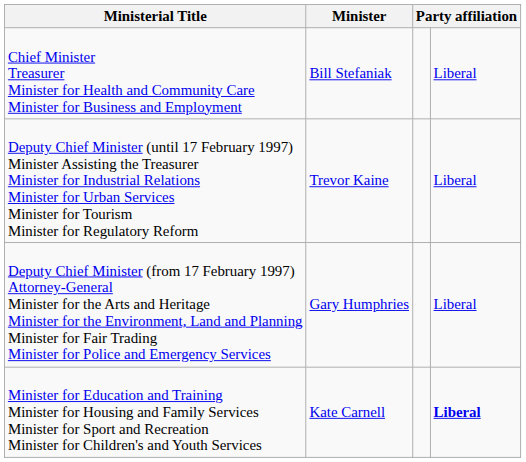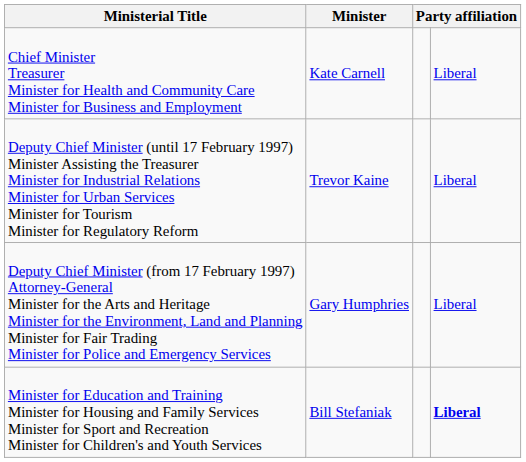 <table class="wikitable">
 <tr>
 <th>Ministerial Title</th>
 <th>Minister</th>
 <th colspan=2>Party affiliation</th>
 </tr>
 <tr>
 <td><br><a href='#'>Chief Minister</a><br> <a href='#'>Treasurer</a><br> <a href='#'>Minister for Health and Community Care</a><br> <a href='#'>Minister for Business and Employment</a></td>
-<td><a href='#'>Bill Stefaniak</a></td>
+<td><a href='#'>Kate Carnell</a></td>
 <td> </td>
 <td><a href='#'>Liberal</a></td>
 </tr>
 <tr>
 <td><br><a href='#'>Deputy Chief Minister</a> (until 17 February 1997)<br> Minister Assisting the Treasurer<br> <a href='#'>Minister for Industrial Relations</a><br> <a href='#'>Minister for Urban Services</a><br> Minister for Tourism<br> Minister for Regulatory Reform</td>
 <td><a href='#'>Trevor Kaine</a></td>
 <td> </td>
 <td><a href='#'>Liberal</a></td>
 </tr>
 <tr>
 <td><br><a href='#'>Deputy Chief Minister</a> (from 17 February 1997)<br> <a href='#'>Attorney-General</a><br> Minister for the Arts and Heritage <br> <a href='#'>Minister for the Environment, Land and Planning</a><br> Minister for Fair Trading <br> <a href='#'>Minister for Police and Emergency Services</a></td>
 <td><a href='#'>Gary Humphries</a></td>
 <td> </td>
 <td><a href='#'>Liberal</a></td>
 </tr>
 <tr>
 <td><br><a href='#'>Minister for Education and Training</a> <br> Minister for Housing and Family Services <br> Minister for Sport and Recreation <br> Minister for Children's and Youth Services</td>
-<td><a href='#'>Kate Carnell</a></td>
+<td><a href='#'>Bill Stefaniak</a></td>
 <td> </td>
 <td><strong><a href='#'>Liberal</a></strong></td>
 </tr>
 </table>
